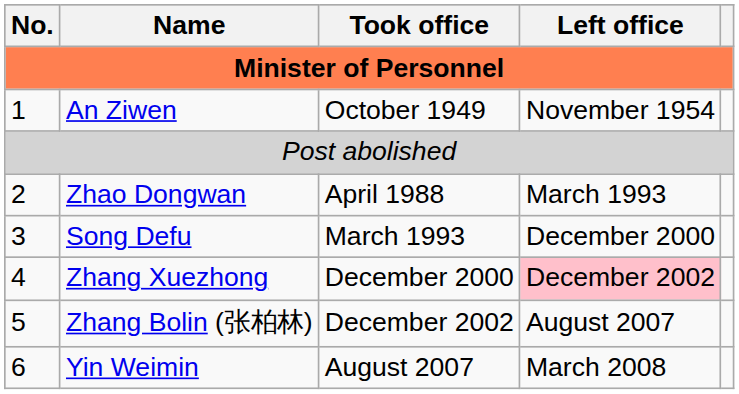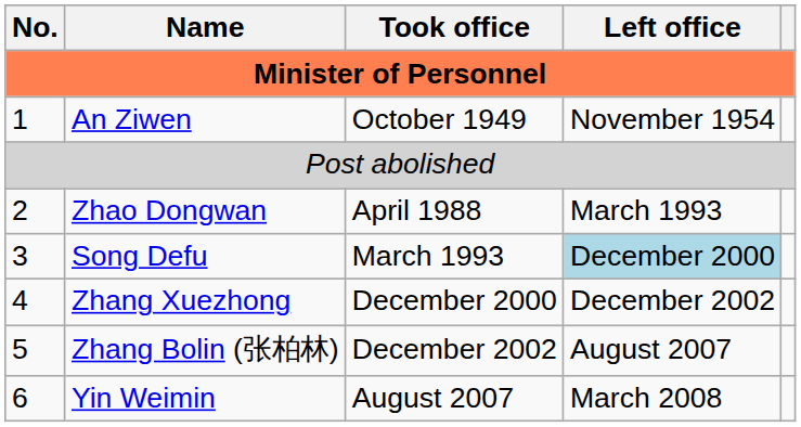 <table class="wikitable">
 <tr>
 <th>No.</th>
 <th>Name</th>
 <th>Took office</th>
 <th>Left office</th>
 <th></th>
 </tr>
 <tr>
 <td colspan="5" bgcolor="coral" align="center"><strong>Minister of Personnel</strong></td>
 </tr>
 <tr>
 <td>1</td>
 <td><a href='#'>An Ziwen</a></td>
 <td>October 1949</td>
 <td>November 1954</td>
 <td></td>
 </tr>
 <tr>
 <td colspan="5" bgcolor="lightgrey" align="center"><em>Post abolished</em></td>
 </tr>
 <tr>
 <td>2</td>
 <td><a href='#'>Zhao Dongwan</a></td>
 <td>April 1988</td>
 <td>March 1993</td>
 <td></td>
 </tr>
 <tr>
 <td>3</td>
 <td><a href='#'>Song Defu</a></td>
 <td>March 1993</td>
-<td>December 2000</td>
+<td style="background: lightblue;">December 2000</td>
 <td></td>
 </tr>
 <tr>
 <td>4</td>
 <td><a href='#'>Zhang Xuezhong</a></td>
 <td>December 2000</td>
-<td style="background: pink;">December 2002</td>
+<td>December 2002</td>
 <td></td>
 </tr>
 <tr>
 <td>5</td>
 <td><a href='#'>Zhang Bolin</a> (张柏林)</td>
 <td>December 2002</td>
 <td>August 2007</td>
 <td></td>
 </tr>
 <tr>
 <td>6</td>
 <td><a href='#'>Yin Weimin</a></td>
 <td>August 2007</td>
 <td>March 2008</td>
 <td></td>
 </tr>
 </table>
